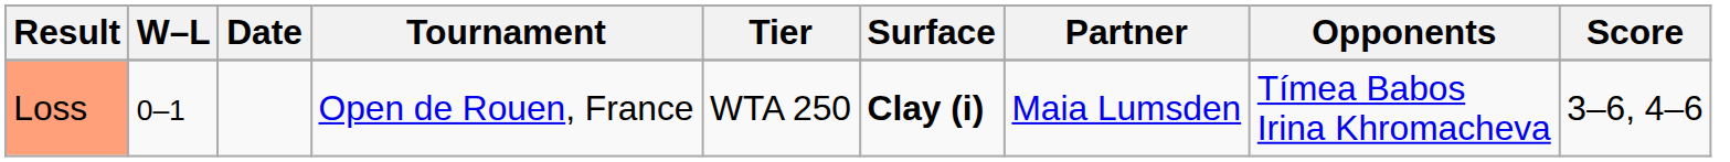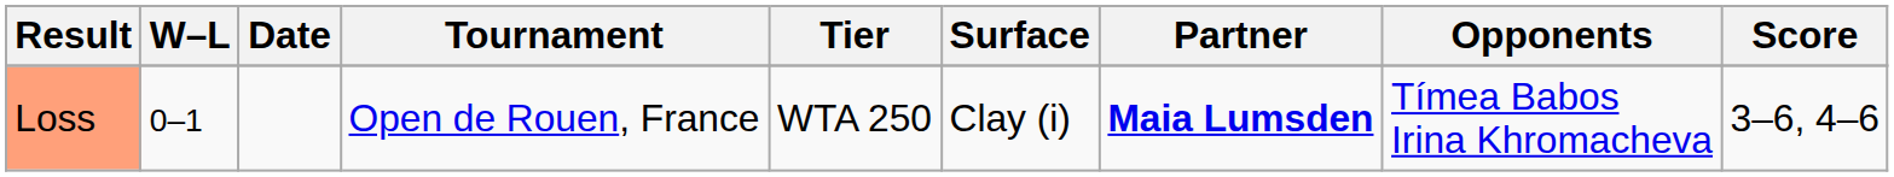 <table class="sortable wikitable nowrap">
 <tr>
 <th>Result</th>
 <th class="unsortable">W–L</th>
 <th>Date</th>
 <th>Tournament</th>
 <th>Tier</th>
 <th>Surface</th>
 <th>Partner</th>
 <th>Opponents</th>
 <th class="unsortable">Score</th>
 </tr>
 <tr>
 </tr>
 <tr>
 <td style="background:#ffa07a;">Loss</td>
 <td><small>0–1</small></td>
 <td><a href='#'></a></td>
 <td><a href='#'>Open de Rouen</a>, France</td>
 <td>WTA 250</td>
-<td><strong>Clay (i)</strong></td>
-<td> <a href='#'>Maia Lumsden</a></td>
+<td>Clay (i)</td>
+<td><strong> <a href='#'>Maia Lumsden</a></strong></td>
 <td> <a href='#'>Tímea Babos</a> <br>  <a href='#'>Irina Khromacheva</a></td>
 <td>3–6, 4–6</td>
 </tr>
 </table>
